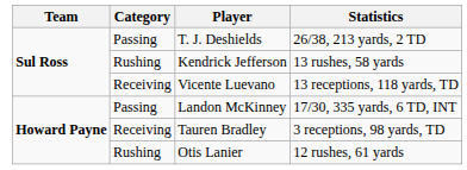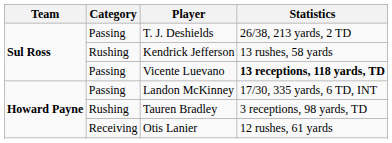 <table class="wikitable" style="float: right;">
 <tr>
 <th>Team</th>
 <th>Category</th>
 <th>Player</th>
 <th>Statistics</th>
 </tr>
 <tr>
 <td rowspan=3><strong>Sul Ross</strong></td>
 <td>Passing</td>
 <td>T. J. Deshields</td>
 <td>26/38, 213 yards, 2 TD</td>
 </tr>
 <tr>
 <td>Rushing</td>
 <td>Kendrick Jefferson</td>
 <td>13 rushes, 58 yards</td>
 </tr>
 <tr>
-<td>Receiving</td>
+<td>Passing</td>
 <td>Vicente Luevano</td>
-<td>13 receptions, 118 yards, TD</td>
+<td><strong>13 receptions, 118 yards, TD</strong></td>
 </tr>
 <tr>
 <td rowspan=3><strong>Howard Payne</strong></td>
 <td>Passing</td>
 <td>Landon McKinney</td>
 <td>17/30, 335 yards, 6 TD, INT</td>
 </tr>
 <tr>
-<td>Receiving</td>
+<td>Rushing</td>
 <td>Tauren Bradley</td>
 <td>3 receptions, 98 yards, TD</td>
 </tr>
 <tr>
-<td>Rushing</td>
+<td>Receiving</td>
 <td>Otis Lanier</td>
 <td>12 rushes, 61 yards</td>
 </tr>
 </table>
